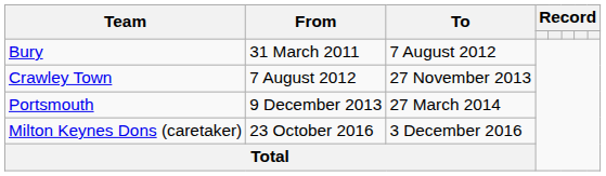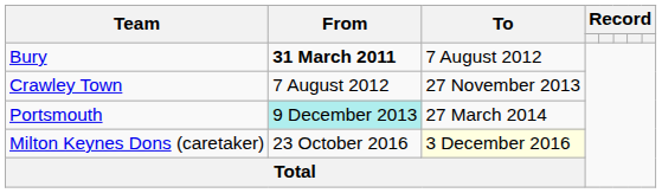 <table class=wikitable style="text-align: center">
 <tr>
 <th rowspan=2>Team</th>
 <th rowspan=2>From</th>
 <th rowspan=2>To</th>
 <th colspan=5>Record</th>
 </tr>
 <tr>
 <th></th>
 <th></th>
 <th></th>
 <th></th>
 <th></th>
 </tr>
 <tr>
 <td align=left><a href='#'>Bury</a></td>
-<td align=left>31 March 2011</td>
+<td align=left><strong>31 March 2011</strong></td>
 <td align=left>7 August 2012<br></td>
 </tr>
 <tr>
 <td align=left><a href='#'>Crawley Town</a></td>
 <td align=left>7 August 2012</td>
 <td align=left>27 November 2013<br></td>
 </tr>
 <tr>
 <td align=left><a href='#'>Portsmouth</a></td>
-<td align=left>9 December 2013</td>
+<td align=left style="background: paleturquoise;">9 December 2013</td>
 <td align=left>27 March 2014<br></td>
 </tr>
 <tr>
 <td align=left><a href='#'>Milton Keynes Dons</a> (caretaker)</td>
 <td align=left>23 October 2016</td>
-<td align=left>3 December 2016<br></td>
+<td align=left style="background: lightyellow;">3 December 2016<br></td>
 </tr>
 <tr>
 <th colspan=3>Total<br></th>
 </tr>
 </table>
